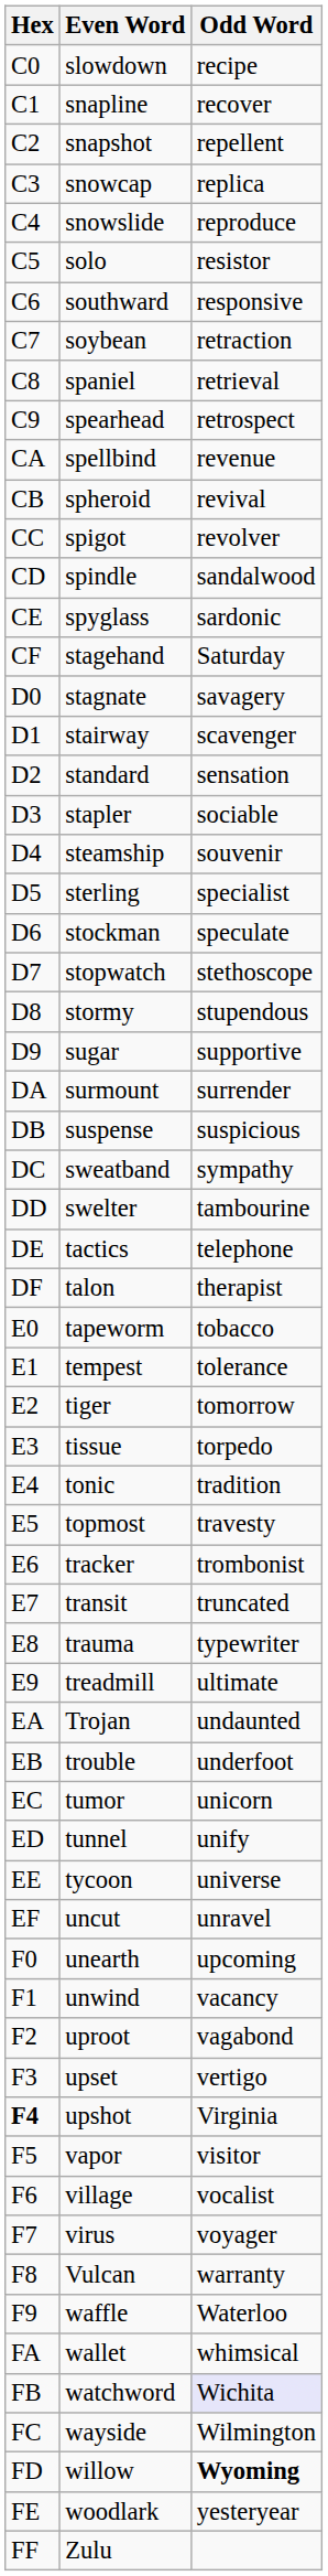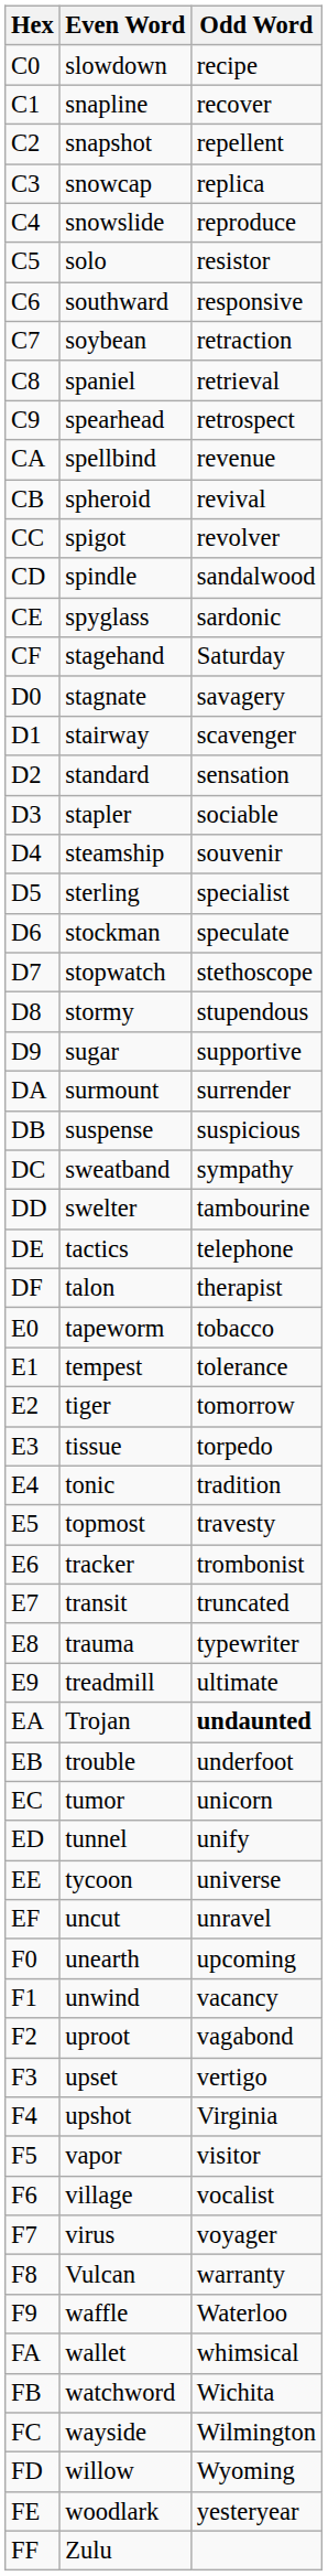 <table class="wikitable" style="float: left;">
 <tr>
 <th>Hex</th>
 <th align=left>Even Word</th>
 <th align=left>Odd Word</th>
 </tr>
 <tr>
 <td>C0</td>
 <td>slowdown</td>
 <td>recipe</td>
 </tr>
 <tr>
 <td>C1</td>
 <td>snapline</td>
 <td>recover</td>
 </tr>
 <tr>
 <td>C2</td>
 <td>snapshot</td>
 <td>repellent</td>
 </tr>
 <tr>
 <td>C3</td>
 <td>snowcap</td>
 <td>replica</td>
 </tr>
 <tr>
 <td>C4</td>
 <td>snowslide</td>
 <td>reproduce</td>
 </tr>
 <tr>
 <td>C5</td>
 <td>solo</td>
 <td>resistor</td>
 </tr>
 <tr>
 <td>C6</td>
 <td>southward</td>
 <td>responsive</td>
 </tr>
 <tr>
 <td>C7</td>
 <td>soybean</td>
 <td>retraction</td>
 </tr>
 <tr>
 <td>C8</td>
 <td>spaniel</td>
 <td>retrieval</td>
 </tr>
 <tr>
 <td>C9</td>
 <td>spearhead</td>
 <td>retrospect</td>
 </tr>
 <tr>
 <td>CA</td>
 <td>spellbind</td>
 <td>revenue</td>
 </tr>
 <tr>
 <td>CB</td>
 <td>spheroid</td>
 <td>revival</td>
 </tr>
 <tr>
 <td>CC</td>
 <td>spigot</td>
 <td>revolver</td>
 </tr>
 <tr>
 <td>CD</td>
 <td>spindle</td>
 <td>sandalwood</td>
 </tr>
 <tr>
 <td>CE</td>
 <td>spyglass</td>
 <td>sardonic</td>
 </tr>
 <tr>
 <td>CF</td>
 <td>stagehand</td>
 <td>Saturday</td>
 </tr>
 <tr>
 <td>D0</td>
 <td>stagnate</td>
 <td>savagery</td>
 </tr>
 <tr>
 <td>D1</td>
 <td>stairway</td>
 <td>scavenger</td>
 </tr>
 <tr>
 <td>D2</td>
 <td>standard</td>
 <td>sensation</td>
 </tr>
 <tr>
 <td>D3</td>
 <td>stapler</td>
 <td>sociable</td>
 </tr>
 <tr>
 <td>D4</td>
 <td>steamship</td>
 <td>souvenir</td>
 </tr>
 <tr>
 <td>D5</td>
 <td>sterling</td>
 <td>specialist</td>
 </tr>
 <tr>
 <td>D6</td>
 <td>stockman</td>
 <td>speculate</td>
 </tr>
 <tr>
 <td>D7</td>
 <td>stopwatch</td>
 <td>stethoscope</td>
 </tr>
 <tr>
 <td>D8</td>
 <td>stormy</td>
 <td>stupendous</td>
 </tr>
 <tr>
 <td>D9</td>
 <td>sugar</td>
 <td>supportive</td>
 </tr>
 <tr>
 <td>DA</td>
 <td>surmount</td>
 <td>surrender</td>
 </tr>
 <tr>
 <td>DB</td>
 <td>suspense</td>
 <td>suspicious</td>
 </tr>
 <tr>
 <td>DC</td>
 <td>sweatband</td>
 <td>sympathy</td>
 </tr>
 <tr>
 <td>DD</td>
 <td>swelter</td>
 <td>tambourine</td>
 </tr>
 <tr>
 <td>DE</td>
 <td>tactics</td>
 <td>telephone</td>
 </tr>
 <tr>
 <td>DF</td>
 <td>talon</td>
 <td>therapist</td>
 </tr>
 <tr>
 <td>E0</td>
 <td>tapeworm</td>
 <td>tobacco</td>
 </tr>
 <tr>
 <td>E1</td>
 <td>tempest</td>
 <td>tolerance</td>
 </tr>
 <tr>
 <td>E2</td>
 <td>tiger</td>
 <td>tomorrow</td>
 </tr>
 <tr>
 <td>E3</td>
 <td>tissue</td>
 <td>torpedo</td>
 </tr>
 <tr>
 <td>E4</td>
 <td>tonic</td>
 <td>tradition</td>
 </tr>
 <tr>
 <td>E5</td>
 <td>topmost</td>
 <td>travesty</td>
 </tr>
 <tr>
 <td>E6</td>
 <td>tracker</td>
 <td>trombonist</td>
 </tr>
 <tr>
 <td>E7</td>
 <td>transit</td>
 <td>truncated</td>
 </tr>
 <tr>
 <td>E8</td>
 <td>trauma</td>
 <td>typewriter</td>
 </tr>
 <tr>
 <td>E9</td>
 <td>treadmill</td>
 <td>ultimate</td>
 </tr>
 <tr>
 <td>EA</td>
 <td>Trojan</td>
-<td>undaunted</td>
+<td><strong>undaunted</strong></td>
 </tr>
 <tr>
 <td>EB</td>
 <td>trouble</td>
 <td>underfoot</td>
 </tr>
 <tr>
 <td>EC</td>
 <td>tumor</td>
 <td>unicorn</td>
 </tr>
 <tr>
 <td>ED</td>
 <td>tunnel</td>
 <td>unify</td>
 </tr>
 <tr>
 <td>EE</td>
 <td>tycoon</td>
 <td>universe</td>
 </tr>
 <tr>
 <td>EF</td>
 <td>uncut</td>
 <td>unravel</td>
 </tr>
 <tr>
 <td>F0</td>
 <td>unearth</td>
 <td>upcoming</td>
 </tr>
 <tr>
 <td>F1</td>
 <td>unwind</td>
 <td>vacancy</td>
 </tr>
 <tr>
 <td>F2</td>
 <td>uproot</td>
 <td>vagabond</td>
 </tr>
 <tr>
 <td>F3</td>
 <td>upset</td>
 <td>vertigo</td>
 </tr>
 <tr>
-<td><strong>F4</strong></td>
+<td>F4</td>
 <td>upshot</td>
 <td>Virginia</td>
 </tr>
 <tr>
 <td>F5</td>
 <td>vapor</td>
 <td>visitor</td>
 </tr>
 <tr>
 <td>F6</td>
 <td>village</td>
 <td>vocalist</td>
 </tr>
 <tr>
 <td>F7</td>
 <td>virus</td>
 <td>voyager</td>
 </tr>
 <tr>
 <td>F8</td>
 <td>Vulcan</td>
 <td>warranty</td>
 </tr>
 <tr>
 <td>F9</td>
 <td>waffle</td>
 <td>Waterloo</td>
 </tr>
 <tr>
 <td>FA</td>
 <td>wallet</td>
 <td>whimsical</td>
 </tr>
 <tr>
 <td>FB</td>
 <td>watchword</td>
-<td style="background: lavender;">Wichita</td>
+<td>Wichita</td>
 </tr>
 <tr>
 <td>FC</td>
 <td>wayside</td>
 <td>Wilmington</td>
 </tr>
 <tr>
 <td>FD</td>
 <td>willow</td>
-<td><strong>Wyoming</strong></td>
+<td>Wyoming</td>
 </tr>
 <tr>
 <td>FE</td>
 <td>woodlark</td>
 <td>yesteryear</td>
 </tr>
 <tr>
 <td>FF</td>
 <td>Zulu</td>
 <td></td>
 </tr>
 </table>
